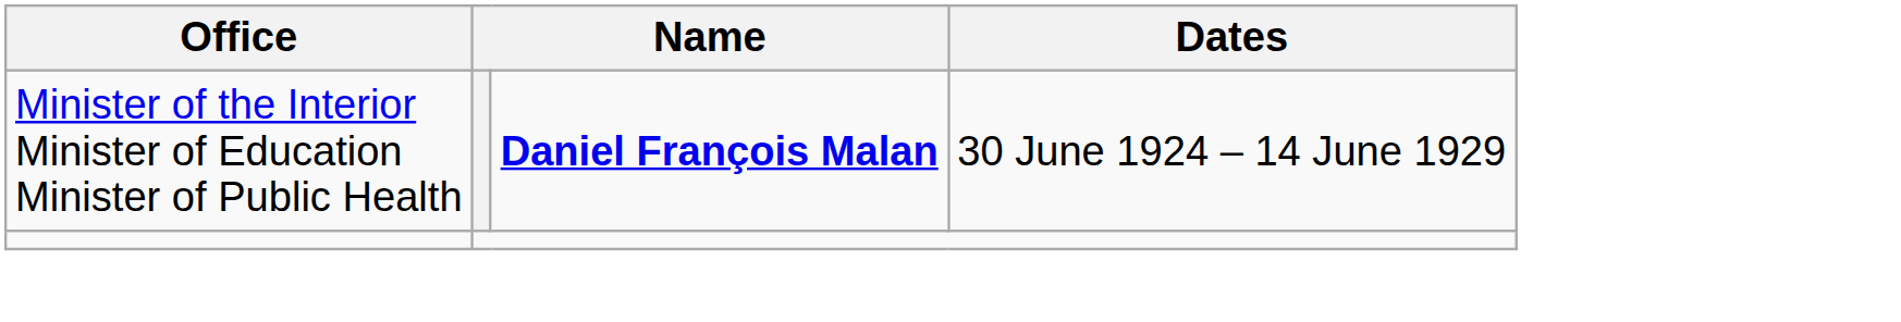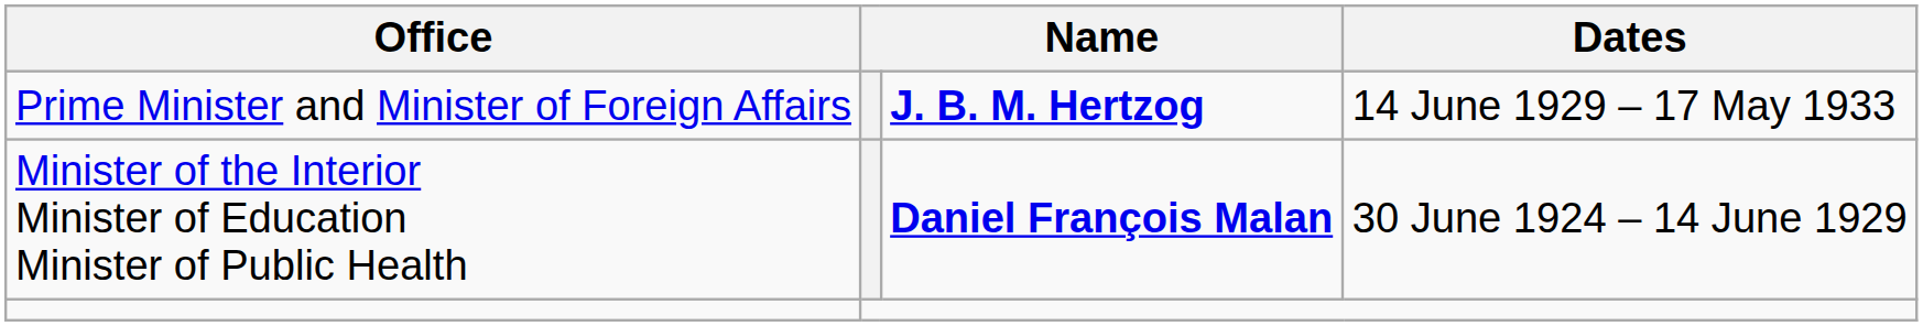 <table class="wikitable">
 <tr>
 <th>Office</th>
 <th colspan="2">Name</th>
 <th>Dates</th>
+</tr>
+<tr>
+<td><a href='#'>Prime Minister</a> and <a href='#'>Minister of Foreign Affairs</a></td>
+<th style="background-color: "></th>
+<td><strong><a href='#'>J. B. M. Hertzog</a></strong></td>
+<td>14 June 1929 – 17 May 1933</td>
 </tr>
 <tr>
 <td><a href='#'>Minister of the Interior</a><br>Minister of Education<br>Minister of Public Health</td>
 <th style="background-color: "></th>
 <td><strong><a href='#'>Daniel François Malan</a></strong></td>
 <td>30 June 1924 – 14 June 1929</td>
 </tr>
 <tr>
 <td></td>
 </tr>
 </table>
